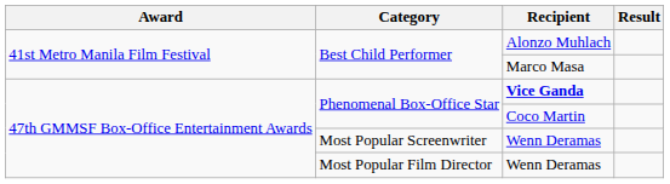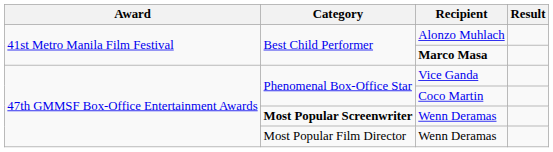 <table class="wikitable">
 <tr>
 <th>Award</th>
 <th>Category</th>
 <th>Recipient</th>
 <th>Result</th>
 </tr>
 <tr>
 <td rowspan="2"><a href='#'>41st Metro Manila Film Festival</a></td>
 <td rowspan=2><a href='#'>Best Child Performer</a></td>
 <td><a href='#'>Alonzo Muhlach</a></td>
 <td></td>
 </tr>
 <tr>
-<td>Marco Masa</td>
+<td><strong>Marco Masa</strong></td>
 <td></td>
 </tr>
 <tr>
 <td rowspan="4"><a href='#'>47th GMMSF Box-Office Entertainment Awards</a></td>
 <td rowspan="2"><a href='#'>Phenomenal Box-Office Star</a></td>
-<td><strong><a href='#'>Vice Ganda</a></strong></td>
+<td><a href='#'>Vice Ganda</a></td>
 <td></td>
 </tr>
 <tr>
 <td><a href='#'>Coco Martin</a></td>
 <td></td>
 </tr>
 <tr>
-<td>Most Popular Screenwriter</td>
+<td><strong>Most Popular Screenwriter</strong></td>
 <td><a href='#'>Wenn Deramas</a></td>
 <td></td>
 </tr>
 <tr>
 <td>Most Popular Film Director</td>
 <td>Wenn Deramas</td>
 <td></td>
 </tr>
 </table>
